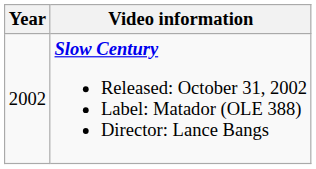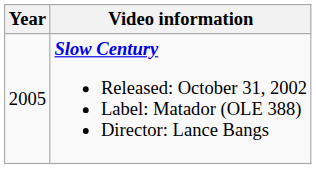 <table class="wikitable">
 <tr>
 <th>Year</th>
 <th>Video information</th>
 </tr>
 <tr>
-<td>2002</td>
+<td>2005</td>
 <td><strong><em><a href='#'>Slow Century</a></em></strong><br><ul><li>Released: October 31, 2002</li><li>Label: Matador (OLE 388)</li><li>Director: Lance Bangs</li></ul></td>
 </tr>
 </table>
